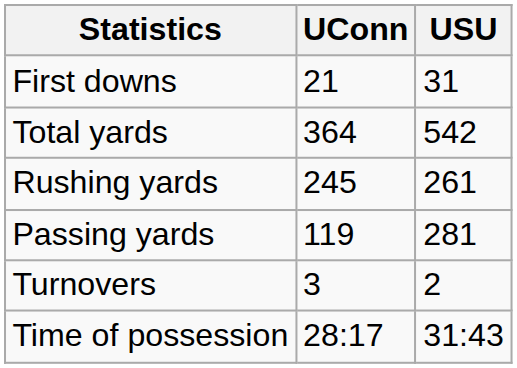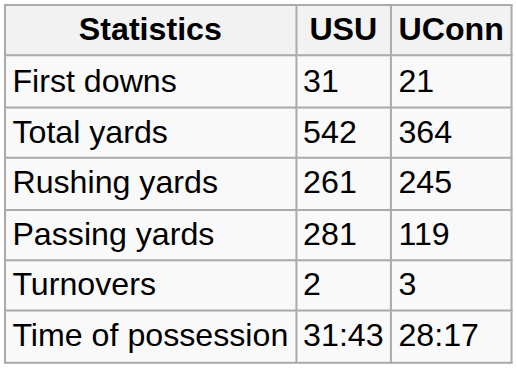 <table class="wikitable">
 <tr>
 <th>Statistics</th>
+<th>USU</th>
 <th>UConn</th>
-<th>USU</th>
 </tr>
 <tr>
 <td>First downs</td>
+<td>31</td>
 <td>21</td>
-<td>31</td>
 </tr>
 <tr>
 <td>Total yards</td>
+<td>542</td>
 <td>364</td>
-<td>542</td>
 </tr>
 <tr>
 <td>Rushing yards</td>
+<td>261</td>
 <td>245</td>
-<td>261</td>
 </tr>
 <tr>
 <td>Passing yards</td>
+<td>281</td>
 <td>119</td>
-<td>281</td>
 </tr>
 <tr>
 <td>Turnovers</td>
+<td>2</td>
 <td>3</td>
-<td>2</td>
 </tr>
 <tr>
 <td>Time of possession</td>
+<td>31:43</td>
 <td>28:17</td>
-<td>31:43</td>
 </tr>
 </table>
